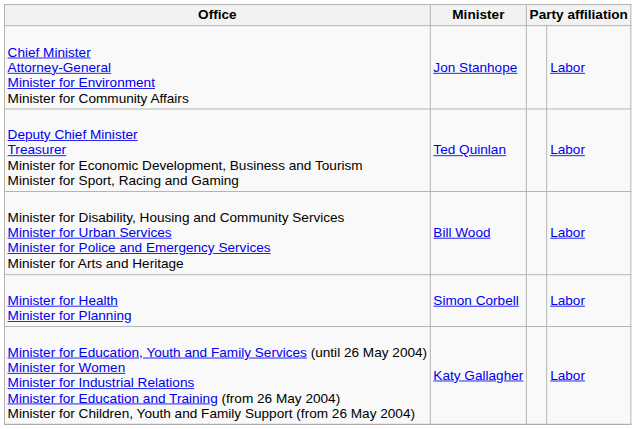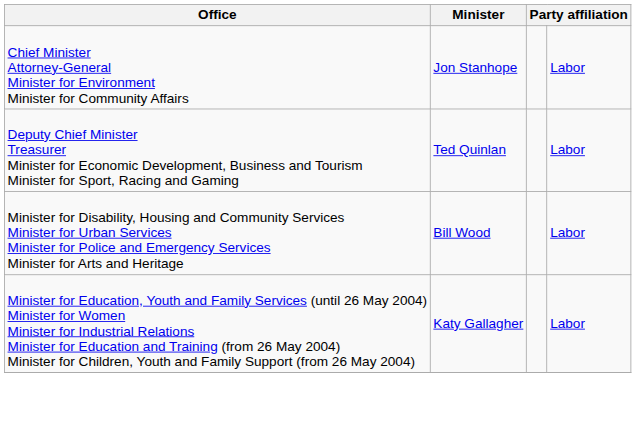 <table class="wikitable">
 <tr>
 <th>Office</th>
 <th>Minister</th>
 <th colspan=2>Party affiliation</th>
 </tr>
 <tr>
 <td><br><a href='#'>Chief Minister</a><br> <a href='#'>Attorney-General</a><br> <a href='#'>Minister for Environment</a><br> Minister for Community Affairs</td>
 <td><a href='#'>Jon Stanhope</a></td>
 <td> </td>
 <td><a href='#'>Labor</a></td>
 </tr>
 <tr>
 <td><br><a href='#'>Deputy Chief Minister</a><br> <a href='#'>Treasurer</a><br> Minister for Economic Development, Business and Tourism<br> Minister for Sport, Racing and Gaming<br></td>
 <td><a href='#'>Ted Quinlan</a></td>
 <td> </td>
 <td><a href='#'>Labor</a></td>
 </tr>
 <tr>
 <td><br>Minister for Disability, Housing and Community Services<br> <a href='#'>Minister for Urban Services</a><br> <a href='#'>Minister for Police and Emergency Services</a><br> Minister for Arts and Heritage</td>
 <td><a href='#'>Bill Wood</a></td>
 <td> </td>
 <td><a href='#'>Labor</a></td>
 </tr>
 <tr>
-<td><br><a href='#'>Minister for Health</a><br> <a href='#'>Minister for Planning</a><br></td>
-<td><a href='#'>Simon Corbell</a></td>
-<td> </td>
-<td><a href='#'>Labor</a></td>
-</tr>
-<tr>
 <td><br><a href='#'>Minister for Education, Youth and Family Services</a> (until 26 May 2004)<br> <a href='#'>Minister for Women</a><br> <a href='#'>Minister for Industrial Relations</a><br> <a href='#'>Minister for Education and Training</a> (from 26 May 2004)<br> Minister for Children, Youth and Family Support (from 26 May 2004)</td>
 <td><a href='#'>Katy Gallagher</a></td>
 <td> </td>
 <td><a href='#'>Labor</a></td>
 </tr>
 <tr>
 </tr>
 </table>
